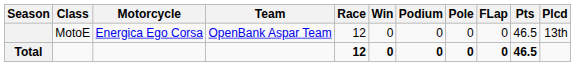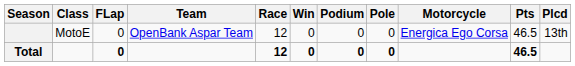 <table class="wikitable" style=text-align:right>
 <tr>
 <th>Season</th>
 <th>Class</th>
-<th>Motorcycle</th>
+<th>FLap</th>
 <th>Team</th>
 <th>Race</th>
 <th>Win</th>
 <th>Podium</th>
 <th>Pole</th>
-<th>FLap</th>
+<th>Motorcycle</th>
 <th>Pts</th>
 <th>Plcd</th>
 </tr>
 <tr>
 <th></th>
 <td>MotoE</td>
-<td><a href='#'>Energica Ego Corsa</a></td>
+<td>0</td>
 <td><a href='#'>OpenBank Aspar Team</a></td>
 <td>12</td>
 <td>0</td>
 <td>0</td>
 <td>0</td>
-<td>0</td>
+<td><a href='#'>Energica Ego Corsa</a></td>
 <td>46.5</td>
 <td>13th</td>
 </tr>
 <tr>
 <th>Total</th>
 <td></td>
-<td></td>
+<td><strong>0</strong></td>
 <td></td>
 <td><strong>12</strong></td>
 <td><strong>0</strong></td>
 <td><strong>0</strong></td>
 <td><strong>0</strong></td>
-<td><strong>0</strong></td>
+<td></td>
 <td><strong>46.5</strong></td>
 <td></td>
 </tr>
 </table>
